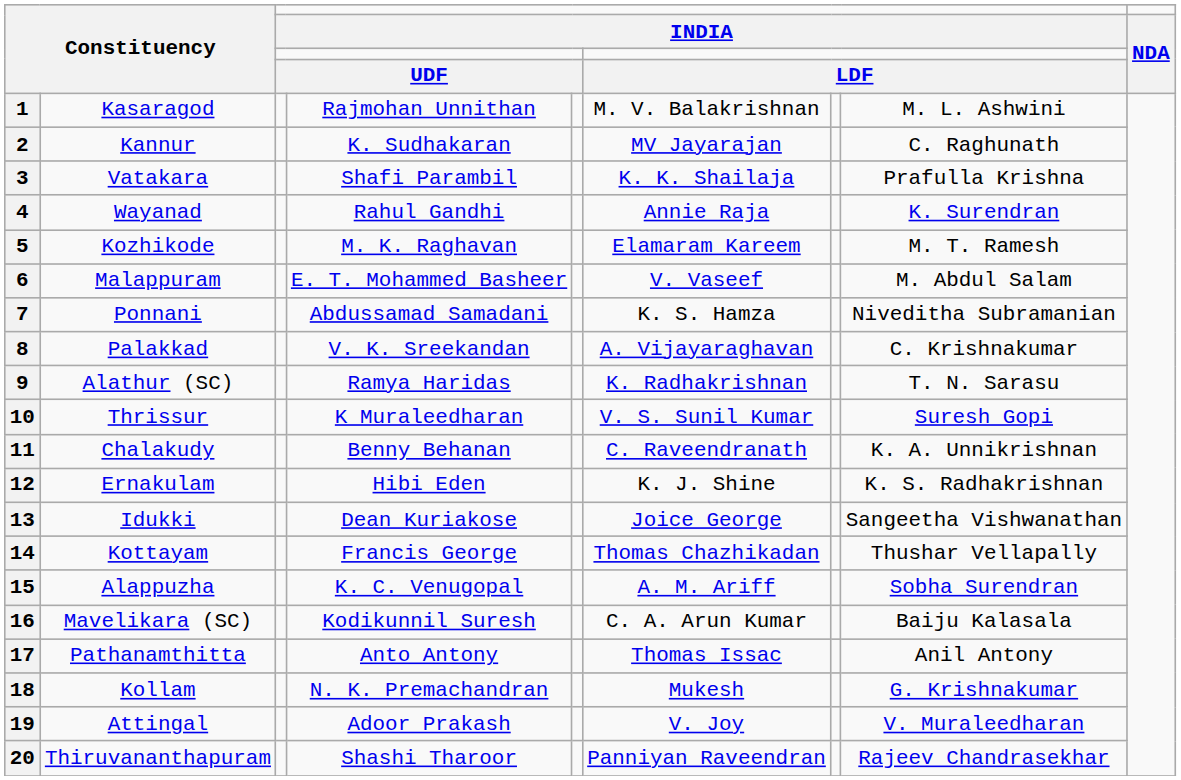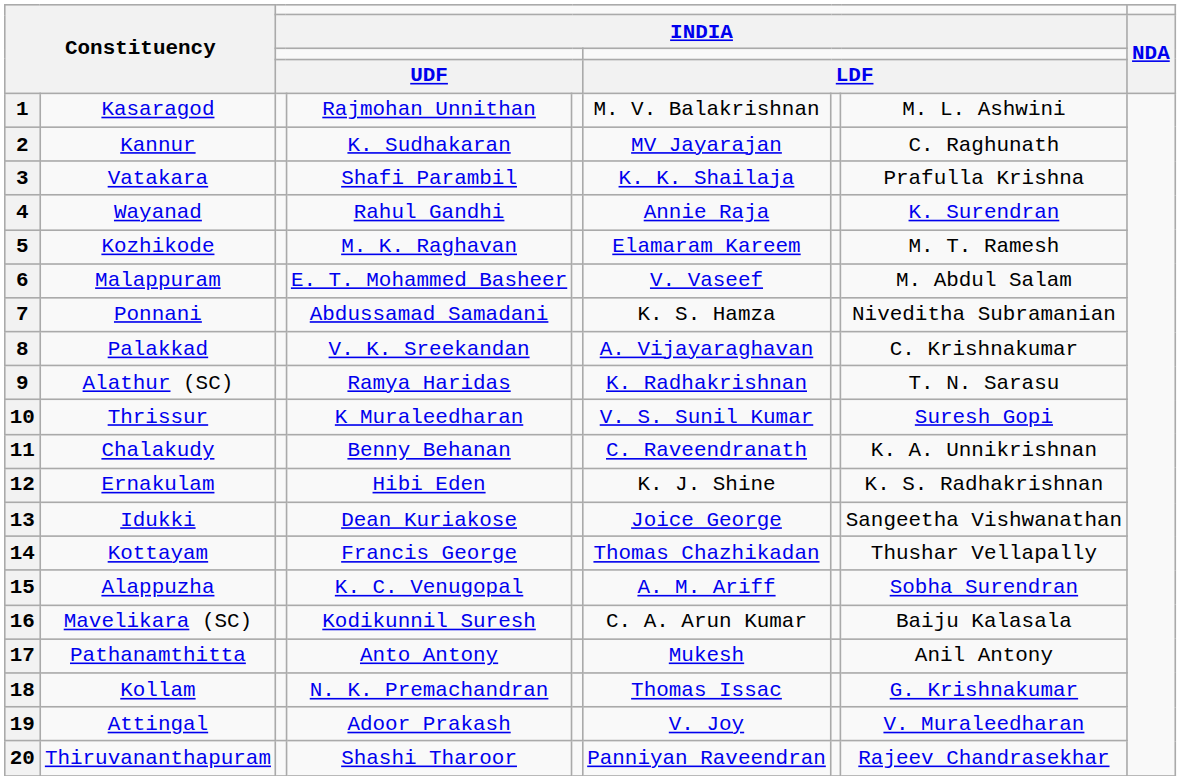 <table class="wikitable sortable" style="text-align:center">
 <tr>
 <th colspan="2" rowspan="4">Constituency</th>
 <td colspan="6"></td>
 <td colspan="3"></td>
 </tr>
 <tr>
 <th colspan="6"><strong><a href='#'>INDIA</a></strong></th>
 <th colspan="3" rowspan="3"><strong><a href='#'>NDA</a></strong></th>
 </tr>
 <tr>
 <td colspan="3"></td>
 <td colspan="3"></td>
 </tr>
 <tr>
 <th colspan="3"><strong><a href='#'>UDF</a></strong></th>
 <th colspan="3"><strong><a href='#'>LDF</a></strong></th>
 </tr>
 <tr>
 <th>1</th>
 <td><a href='#'>Kasaragod</a></td>
 <td></td>
 <td><a href='#'>Rajmohan Unnithan</a></td>
 <td></td>
 <td>M. V. Balakrishnan</td>
 <td></td>
 <td>M. L. Ashwini</td>
 </tr>
 <tr>
 <th>2</th>
 <td><a href='#'>Kannur</a></td>
 <td></td>
 <td><a href='#'>K. Sudhakaran</a></td>
 <td></td>
 <td><a href='#'>MV Jayarajan</a></td>
 <td></td>
 <td>C. Raghunath</td>
 </tr>
 <tr>
 <th>3</th>
 <td><a href='#'>Vatakara</a></td>
 <td></td>
 <td><a href='#'>Shafi Parambil</a></td>
 <td></td>
 <td><a href='#'>K. K. Shailaja</a></td>
 <td></td>
 <td>Prafulla Krishna</td>
 </tr>
 <tr>
 <th>4</th>
 <td><a href='#'>Wayanad</a></td>
 <td></td>
 <td><a href='#'>Rahul Gandhi</a></td>
 <td></td>
 <td><a href='#'>Annie Raja</a></td>
 <td></td>
 <td><a href='#'>K. Surendran</a></td>
 </tr>
 <tr>
 <th>5</th>
 <td><a href='#'>Kozhikode</a></td>
 <td></td>
 <td><a href='#'>M. K. Raghavan</a></td>
 <td></td>
 <td><a href='#'>Elamaram Kareem</a></td>
 <td></td>
 <td>M. T. Ramesh</td>
 </tr>
 <tr>
 <th>6</th>
 <td><a href='#'>Malappuram</a></td>
 <td></td>
 <td><a href='#'>E. T. Mohammed Basheer</a></td>
 <td></td>
 <td><a href='#'>V. Vaseef</a></td>
 <td></td>
 <td>M. Abdul Salam</td>
 </tr>
 <tr>
 <th>7</th>
 <td><a href='#'>Ponnani</a></td>
 <td></td>
 <td><a href='#'>Abdussamad Samadani</a></td>
 <td></td>
 <td>K. S. Hamza</td>
 <td></td>
 <td>Niveditha Subramanian</td>
 </tr>
 <tr>
 <th>8</th>
 <td><a href='#'>Palakkad</a></td>
 <td></td>
 <td><a href='#'>V. K. Sreekandan</a></td>
 <td></td>
 <td><a href='#'>A. Vijayaraghavan</a></td>
 <td></td>
 <td>C. Krishnakumar</td>
 </tr>
 <tr>
 <th>9</th>
 <td><a href='#'>Alathur</a> (SC)</td>
 <td></td>
 <td><a href='#'>Ramya Haridas</a></td>
 <td></td>
 <td><a href='#'>K. Radhakrishnan</a></td>
 <td></td>
 <td>T. N. Sarasu</td>
 </tr>
 <tr>
 <th>10</th>
 <td><a href='#'>Thrissur</a></td>
 <td></td>
 <td><a href='#'>K Muraleedharan</a></td>
 <td></td>
 <td><a href='#'>V. S. Sunil Kumar</a></td>
 <td></td>
 <td><a href='#'>Suresh Gopi</a></td>
 </tr>
 <tr>
 <th>11</th>
 <td><a href='#'>Chalakudy</a></td>
 <td></td>
 <td><a href='#'>Benny Behanan</a></td>
 <td></td>
 <td><a href='#'>C. Raveendranath</a></td>
 <td></td>
 <td>K. A. Unnikrishnan</td>
 </tr>
 <tr>
 <th>12</th>
 <td><a href='#'>Ernakulam</a></td>
 <td></td>
 <td><a href='#'>Hibi Eden</a></td>
 <td></td>
 <td>K. J. Shine</td>
 <td></td>
 <td>K. S. Radhakrishnan</td>
 </tr>
 <tr>
 <th>13</th>
 <td><a href='#'>Idukki</a></td>
 <td></td>
 <td><a href='#'>Dean Kuriakose</a></td>
 <td></td>
 <td><a href='#'>Joice George</a></td>
 <td></td>
 <td>Sangeetha Vishwanathan</td>
 </tr>
 <tr>
 <th>14</th>
 <td><a href='#'>Kottayam</a></td>
 <td></td>
 <td><a href='#'>Francis George</a></td>
 <td></td>
 <td><a href='#'>Thomas Chazhikadan</a></td>
 <td></td>
 <td>Thushar Vellapally</td>
 </tr>
 <tr>
 <th>15</th>
 <td><a href='#'>Alappuzha</a></td>
 <td></td>
 <td><a href='#'>K. C. Venugopal</a></td>
 <td></td>
 <td><a href='#'>A. M. Ariff</a></td>
 <td></td>
 <td><a href='#'>Sobha Surendran</a></td>
 </tr>
 <tr>
 <th>16</th>
 <td><a href='#'>Mavelikara</a> (SC)</td>
 <td></td>
 <td><a href='#'>Kodikunnil Suresh</a></td>
 <td></td>
 <td>C. A. Arun Kumar</td>
 <td></td>
 <td>Baiju Kalasala</td>
 </tr>
 <tr>
 <th>17</th>
 <td><a href='#'>Pathanamthitta</a></td>
 <td></td>
 <td><a href='#'>Anto Antony</a></td>
 <td></td>
-<td><a href='#'>Thomas Issac</a></td>
+<td><a href='#'>Mukesh</a></td>
 <td></td>
 <td>Anil Antony</td>
 </tr>
 <tr>
 <th>18</th>
 <td><a href='#'>Kollam</a></td>
 <td></td>
 <td><a href='#'>N. K. Premachandran</a></td>
 <td></td>
-<td><a href='#'>Mukesh</a></td>
+<td><a href='#'>Thomas Issac</a></td>
 <td></td>
 <td><a href='#'>G. Krishnakumar</a></td>
 </tr>
 <tr>
 <th>19</th>
 <td><a href='#'>Attingal</a></td>
 <td></td>
 <td><a href='#'>Adoor Prakash</a></td>
 <td></td>
 <td><a href='#'>V. Joy</a></td>
 <td></td>
 <td><a href='#'>V. Muraleedharan</a></td>
 </tr>
 <tr>
 <th>20</th>
 <td><a href='#'>Thiruvananthapuram</a></td>
 <td></td>
 <td><a href='#'>Shashi Tharoor</a></td>
 <td></td>
 <td><a href='#'>Panniyan Raveendran</a></td>
 <td></td>
 <td><a href='#'>Rajeev Chandrasekhar</a></td>
 </tr>
 </table>
